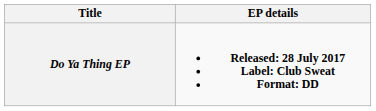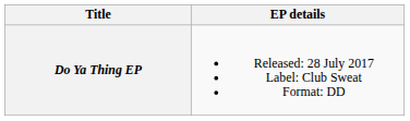 <table class="wikitable plainrowheaders" style="text-align:center;" border="1">
 <tr>
 <th scope="col" style="width:14em;">Title</th>
 <th scope="col" style="width:16em;">EP details</th>
 </tr>
 <tr>
 <th scope="row"><em>Do Ya Thing EP</em></th>
-<td><strong><br><ul><li>Released: 28 July 2017 </li><li>Label: Club Sweat</li><li>Format: DD</li></ul></strong></td>
+<td><br><ul><li>Released: 28 July 2017 </li><li>Label: Club Sweat</li><li>Format: DD</li></ul></td>
 </tr>
 </table>
